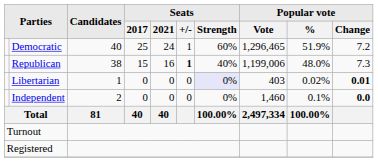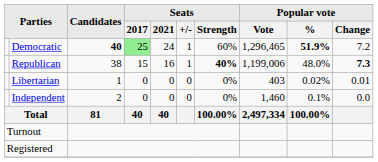 <table class=wikitable>
 <tr>
 <th style="background-color:#E9E9E9" align=center rowspan= 2 colspan=2>Parties</th>
 <th style="background-color:#E9E9E9" align=center rowspan= 2>Candidates</th>
 <th style="background-color:#E9E9E9" align=center colspan=4>Seats</th>
 <th style="background-color:#E9E9E9" align=center colspan=3>Popular vote</th>
 </tr>
 <tr>
 <th align=center>2017</th>
 <th align=center>2021</th>
 <th align=center>+/-</th>
 <th align=center>Strength</th>
 <th align=center>Vote</th>
 <th align=center>%</th>
 <th align=center>Change</th>
 </tr>
 <tr>
 <td></td>
 <td align=left><a href='#'>Democratic</a></td>
-<td align=right>40</td>
-<td align=right>25</td>
+<td align=right><strong>40</strong></td>
+<td align=right style="background: lightgreen;">25</td>
 <td align=right>24</td>
 <td align=right> 1</td>
 <td align=right>60%</td>
 <td align=right>1,296,465</td>
-<td align=right>51.9%</td>
+<td align=right><strong>51.9%</strong></td>
 <td align=right> 7.2</td>
 </tr>
 <tr>
 <td></td>
 <td align=left><a href='#'>Republican</a></td>
 <td align=right>38</td>
 <td align=right>15</td>
 <td align=right>16</td>
-<td align=right><strong> 1</strong></td>
-<td align=right>40%</td>
+<td align=right> 1</td>
+<td align=right><strong>40%</strong></td>
 <td align=right>1,199,006</td>
 <td align=right>48.0%</td>
-<td align=right> 7.3</td>
+<td align=right><strong> 7.3</strong></td>
 </tr>
 <tr>
 <td></td>
 <td><a href='#'>Libertarian</a></td>
 <td align=right>1</td>
 <td align=right>0</td>
 <td align=right>0</td>
 <td align=right> 0</td>
-<td align=right style="background: lavender;">0%</td>
+<td align=right>0%</td>
 <td align=right>403</td>
 <td align=right>0.02%</td>
-<td align=right><strong> 0.01</strong></td>
+<td align=right> 0.01</td>
 </tr>
 <tr>
 <td></td>
 <td><a href='#'>Independent</a></td>
 <td align=right>2</td>
 <td align=right>0</td>
 <td align=right>0</td>
 <td align=right> 0</td>
 <td align=right>0%</td>
 <td align=right>1,460</td>
 <td align=right>0.1%</td>
-<td align=right><strong> 0.0</strong></td>
+<td align=right> 0.0</td>
 </tr>
 <tr>
 <th align=center colspan="2">Total</th>
 <th align=center>81</th>
 <th align=center>40</th>
 <th align=center>40</th>
 <th align=center></th>
 <th align=center>100.00%</th>
 <th align=center>2,497,334</th>
 <th align=center>100.00%</th>
 <th align=center></th>
 </tr>
 <tr>
 <td align=left colspan="2">Turnout</td>
 <td colspan=5></td>
 <td align=right></td>
 <td align=right></td>
 <td align=right></td>
 </tr>
 <tr>
 <td align=left colspan="2">Registered</td>
 <td colspan=5></td>
 <td align=right></td>
 <td align=right></td>
 <td align=right></td>
 </tr>
 <tr>
 </tr>
 </table>
